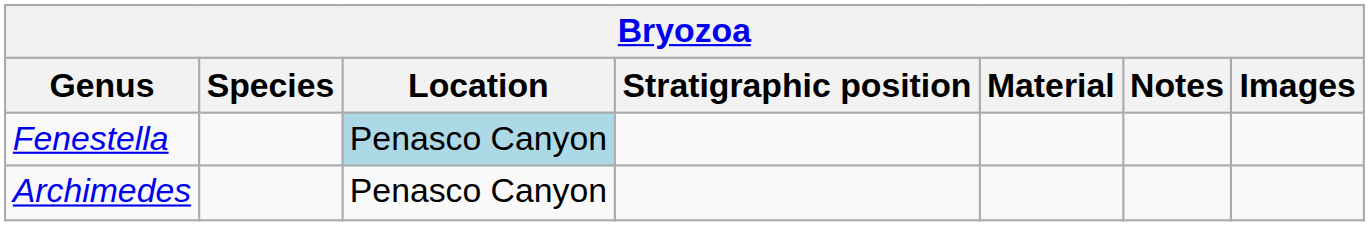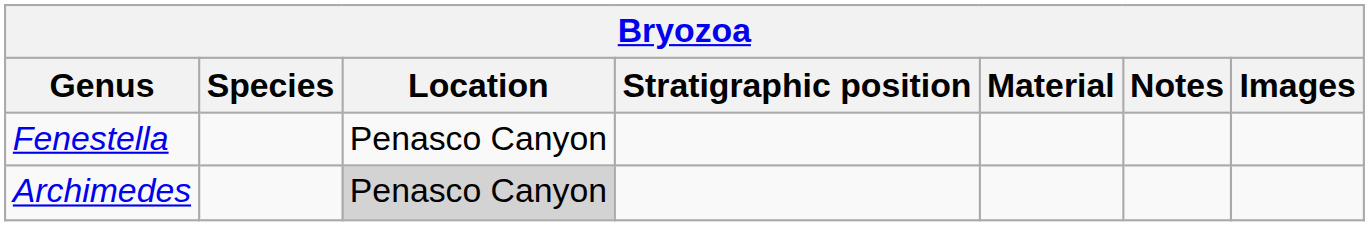 <table class="wikitable sortable">
 <tr>
 <th colspan="7" align="center"><strong><a href='#'>Bryozoa</a></strong></th>
 </tr>
 <tr>
 <th>Genus</th>
 <th>Species</th>
 <th>Location</th>
 <th>Stratigraphic position</th>
 <th>Material</th>
 <th>Notes</th>
 <th>Images</th>
 </tr>
 <tr>
 <td><em><a href='#'>Fenestella</a></em></td>
 <td></td>
-<td style="background: lightblue;">Penasco Canyon</td>
+<td>Penasco Canyon</td>
 <td></td>
 <td></td>
 <td></td>
 <td></td>
 </tr>
 <tr>
 <td><em><a href='#'>Archimedes</a></em></td>
 <td></td>
-<td>Penasco Canyon</td>
+<td style="background: lightgrey;">Penasco Canyon</td>
 <td></td>
 <td></td>
 <td></td>
 <td></td>
 </tr>
 </table>
